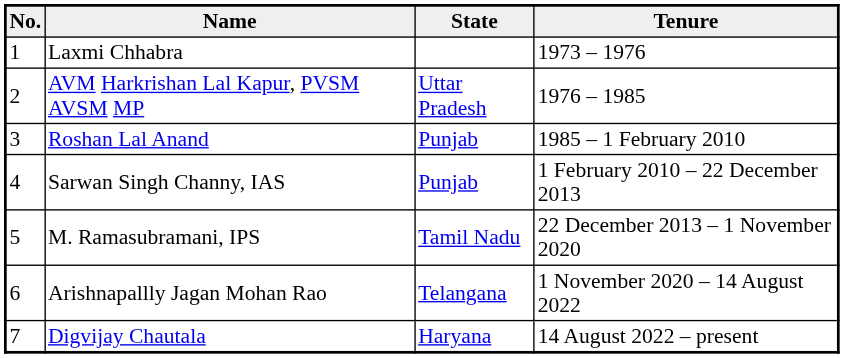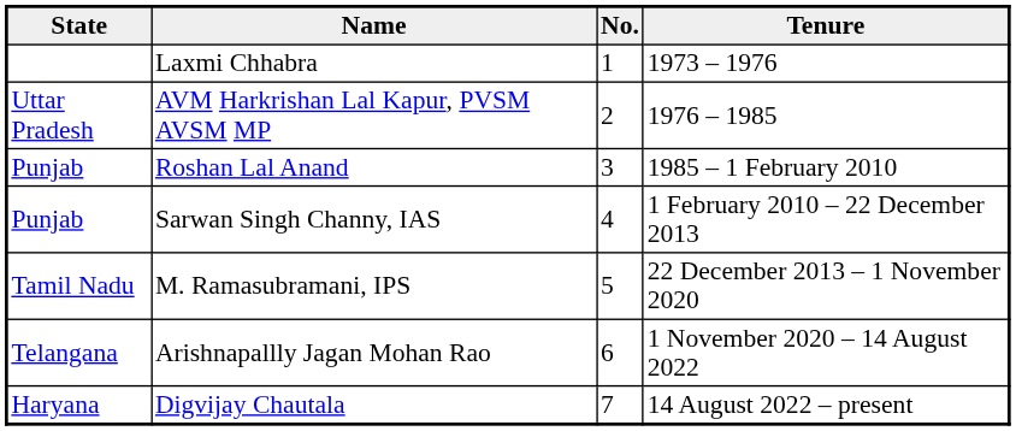 <table class="sortable" style="border-collapse: collapse; border: 2px #000000 solid; font-size: x-big; font-family: verdana" width="70%" cellspacing="0" cellpadding="2" border="1">
 <tr bgcolor="efefef" align="center">
+<th>State</th>
+<th>Name</th>
 <th>No.</th>
-<th>Name</th>
-<th>State</th>
 <th>Tenure</th>
 </tr>
 <tr>
+<td></td>
+<td>Laxmi Chhabra</td>
 <td>1</td>
-<td>Laxmi Chhabra</td>
-<td></td>
 <td>1973 – 1976</td>
 </tr>
 <tr>
+<td><a href='#'>Uttar Pradesh</a></td>
+<td><a href='#'>AVM</a> <a href='#'>Harkrishan Lal Kapur</a>, <a href='#'>PVSM</a> <a href='#'>AVSM</a> <a href='#'>MP</a></td>
 <td>2</td>
-<td><a href='#'>AVM</a> <a href='#'>Harkrishan Lal Kapur</a>, <a href='#'>PVSM</a> <a href='#'>AVSM</a> <a href='#'>MP</a></td>
-<td><a href='#'>Uttar Pradesh</a></td>
 <td>1976 – 1985</td>
 </tr>
 <tr>
+<td><a href='#'>Punjab</a></td>
+<td><a href='#'>Roshan Lal Anand</a></td>
 <td>3</td>
-<td><a href='#'>Roshan Lal Anand</a></td>
-<td><a href='#'>Punjab</a></td>
 <td>1985 – 1 February 2010</td>
 </tr>
 <tr>
+<td><a href='#'>Punjab</a></td>
+<td>Sarwan Singh Channy, IAS</td>
 <td>4</td>
-<td>Sarwan Singh Channy, IAS</td>
-<td><a href='#'>Punjab</a></td>
 <td>1 February 2010 – 22 December 2013</td>
 </tr>
 <tr>
+<td><a href='#'>Tamil Nadu</a></td>
+<td>M. Ramasubramani, IPS</td>
 <td>5</td>
-<td>M. Ramasubramani, IPS</td>
-<td><a href='#'>Tamil Nadu</a></td>
 <td>22 December 2013 – 1 November 2020</td>
 </tr>
 <tr>
+<td><a href='#'>Telangana</a></td>
+<td>Arishnapallly Jagan Mohan Rao</td>
 <td>6</td>
-<td>Arishnapallly Jagan Mohan Rao</td>
-<td><a href='#'>Telangana</a></td>
 <td>1 November 2020 – 14 August 2022</td>
 </tr>
 <tr>
+<td><a href='#'>Haryana</a></td>
+<td><a href='#'>Digvijay Chautala</a></td>
 <td>7</td>
-<td><a href='#'>Digvijay Chautala</a></td>
-<td><a href='#'>Haryana</a></td>
 <td>14 August 2022 – present</td>
 </tr>
 </table>
